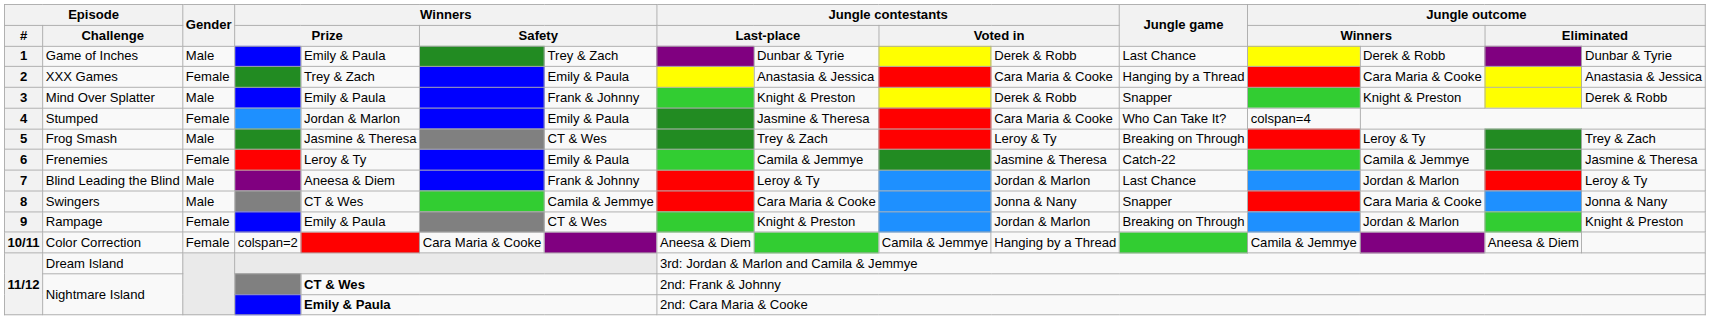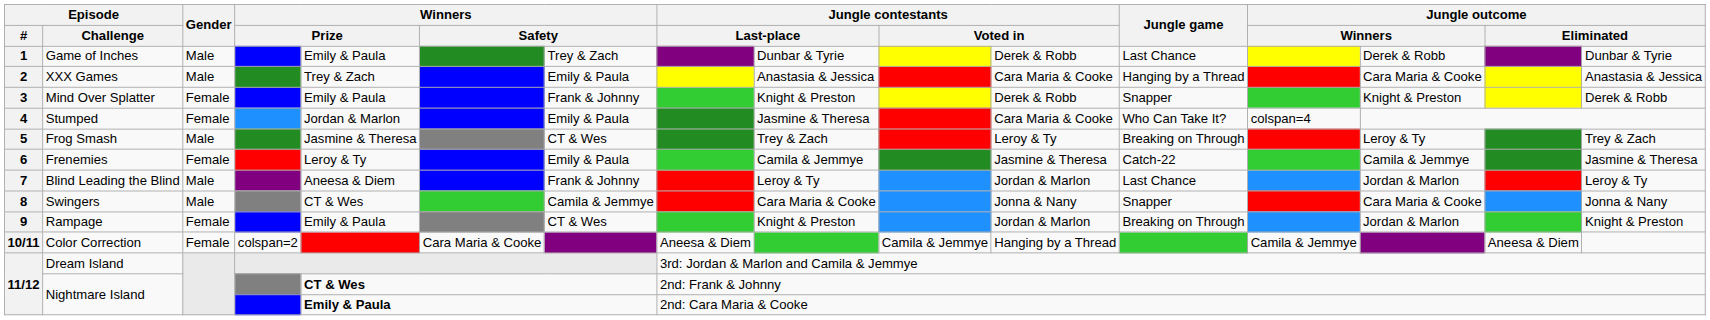 <table class="wikitable" style="font-size:90%; white-space:nowrap">
 <tr>
 <th colspan=2>Episode</th>
 <th rowspan=2>Gender</th>
 <th colspan=4>Winners</th>
 <th colspan=4>Jungle contestants</th>
 <th rowspan=2>Jungle game</th>
 <th colspan=4>Jungle outcome</th>
 </tr>
 <tr>
 <th>#</th>
 <th>Challenge</th>
 <th colspan=2>Prize</th>
 <th colspan=2>Safety</th>
 <th colspan=2>Last-place</th>
 <th colspan=2>Voted in</th>
 <th colspan=2>Winners</th>
 <th colspan=2>Eliminated</th>
 </tr>
 <tr>
 <th>1</th>
 <td>Game of Inches</td>
 <td>Male</td>
 <td bgcolor="blue"></td>
 <td nowrap>Emily & Paula</td>
 <td bgcolor="forestgreen"></td>
 <td>Trey & Zach</td>
 <td bgcolor="purple"></td>
 <td>Dunbar & Tyrie</td>
 <td bgcolor="yellow"></td>
 <td>Derek & Robb</td>
 <td>Last Chance</td>
 <td bgcolor="yellow"></td>
 <td>Derek & Robb</td>
 <td bgcolor="purple"></td>
 <td>Dunbar & Tyrie</td>
 </tr>
 <tr>
 <th>2</th>
 <td>XXX Games</td>
-<td>Female</td>
+<td>Male</td>
 <td bgcolor="forestgreen"></td>
 <td>Trey & Zach</td>
 <td bgcolor="blue"></td>
 <td>Emily & Paula</td>
 <td bgcolor="yellow"></td>
 <td nowrap>Anastasia & Jessica</td>
 <td bgcolor="red"></td>
 <td nowrap>Cara Maria & Cooke</td>
 <td nowrap>Hanging by a Thread</td>
 <td bgcolor="red"></td>
 <td nowrap>Cara Maria & Cooke</td>
 <td bgcolor="yellow"></td>
 <td nowrap>Anastasia & Jessica</td>
 </tr>
 <tr>
 <th>3</th>
 <td nowrap>Mind Over Splatter</td>
-<td>Male</td>
+<td>Female</td>
 <td bgcolor="blue"></td>
 <td>Emily & Paula</td>
 <td bgcolor="blue"></td>
 <td nowrap>Frank & Johnny</td>
 <td bgcolor="limegreen"></td>
 <td>Knight & Preston</td>
 <td bgcolor="yellow"></td>
 <td>Derek & Robb</td>
 <td>Snapper</td>
 <td bgcolor="limegreen"></td>
 <td>Knight & Preston</td>
 <td bgcolor="yellow"></td>
 <td>Derek & Robb</td>
 </tr>
 <tr>
 <th>4</th>
 <td>Stumped</td>
 <td>Female</td>
 <td bgcolor="dodgerblue"></td>
 <td nowrap>Jordan & Marlon</td>
 <td bgcolor="blue"></td>
 <td>Emily & Paula</td>
 <td bgcolor="forestgreen"></td>
 <td>Jasmine & Theresa</td>
 <td bgcolor="red"></td>
 <td>Cara Maria & Cooke</td>
 <td>Who Can Take It?</td>
 <td>colspan=4 </td>
 </tr>
 <tr>
 <th>5</th>
 <td>Frog Smash</td>
 <td>Male</td>
 <td bgcolor="forestgreen"></td>
 <td nowrap>Jasmine & Theresa</td>
 <td bgcolor="grey"></td>
 <td>CT & Wes</td>
 <td bgcolor="forestgreen"></td>
 <td>Trey & Zach</td>
 <td bgcolor="red"></td>
 <td>Leroy & Ty</td>
 <td nowrap>Breaking on Through</td>
 <td bgcolor="red"></td>
 <td>Leroy & Ty</td>
 <td bgcolor="forestgreen"></td>
 <td>Trey & Zach</td>
 </tr>
 <tr>
 <th>6</th>
 <td>Frenemies</td>
 <td>Female</td>
 <td bgcolor="red"></td>
 <td>Leroy & Ty</td>
 <td bgcolor="blue"></td>
 <td>Emily & Paula</td>
 <td bgcolor="limegreen"></td>
 <td>Camila & Jemmye</td>
 <td bgcolor="forestgreen"></td>
 <td>Jasmine & Theresa</td>
 <td>Catch-22</td>
 <td bgcolor="limegreen"></td>
 <td>Camila & Jemmye</td>
 <td bgcolor="forestgreen"></td>
 <td>Jasmine & Theresa</td>
 </tr>
 <tr>
 <th>7</th>
 <td nowrap>Blind Leading the Blind</td>
 <td>Male</td>
 <td bgcolor="purple"></td>
 <td>Aneesa & Diem</td>
 <td bgcolor="blue"></td>
 <td>Frank & Johnny</td>
 <td bgcolor="red"></td>
 <td>Leroy & Ty</td>
 <td bgcolor="dodgerblue"></td>
 <td>Jordan & Marlon</td>
 <td>Last Chance</td>
 <td bgcolor="dodgerblue"></td>
 <td>Jordan & Marlon</td>
 <td bgcolor="red"></td>
 <td>Leroy & Ty</td>
 </tr>
 <tr>
 <th>8</th>
 <td>Swingers</td>
 <td>Male</td>
 <td bgcolor="grey"></td>
 <td>CT & Wes</td>
 <td bgcolor="limegreen"></td>
 <td nowrap>Camila & Jemmye</td>
 <td bgcolor="red"></td>
 <td nowrap>Cara Maria & Cooke</td>
 <td bgcolor="dodgerblue"></td>
 <td>Jonna & Nany</td>
 <td>Snapper</td>
 <td bgcolor="red"></td>
 <td nowrap>Cara Maria & Cooke</td>
 <td bgcolor="dodgerblue"></td>
 <td>Jonna & Nany</td>
 </tr>
 <tr>
 <th>9</th>
 <td>Rampage</td>
 <td>Female</td>
 <td bgcolor="blue"></td>
 <td>Emily & Paula</td>
 <td bgcolor="grey"></td>
 <td>CT & Wes</td>
 <td bgcolor="limegreen"></td>
 <td>Knight & Preston</td>
 <td bgcolor="dodgerblue"></td>
 <td>Jordan & Marlon</td>
 <td>Breaking on Through</td>
 <td bgcolor="dodgerblue"></td>
 <td>Jordan & Marlon</td>
 <td bgcolor="limegreen"></td>
 <td>Knight & Preston</td>
 </tr>
 <tr>
 <th>10/11</th>
 <td>Color Correction</td>
 <td>Female</td>
 <td>colspan=2 </td>
 <td bgcolor="red"></td>
 <td nowrap>Cara Maria & Cooke</td>
 <td bgcolor="purple"></td>
 <td>Aneesa & Diem</td>
 <td bgcolor="limegreen"></td>
 <td>Camila & Jemmye</td>
 <td nowrap>Hanging by a Thread</td>
 <td bgcolor="limegreen"></td>
 <td>Camila & Jemmye</td>
 <td bgcolor="purple"></td>
 <td>Aneesa & Diem</td>
 </tr>
 <tr>
 <th rowspan=3>11/12</th>
 <td>Dream Island</td>
 <td rowspan=3 bgcolor="eaeaea"></td>
 <td colspan=4 bgcolor="eaeaea"></td>
 <td colspan="13">3rd: Jordan & Marlon and Camila & Jemmye</td>
 </tr>
 <tr>
 <td nowrap rowspan=2>Nightmare Island</td>
 <td bgcolor="grey"></td>
 <td colspan=3><strong>CT & Wes</strong></td>
 <td colspan="13">2nd: Frank & Johnny</td>
 </tr>
 <tr>
 <td bgcolor="blue"></td>
 <td colspan=3><strong>Emily & Paula</strong></td>
 <td colspan=13>2nd: Cara Maria & Cooke</td>
 </tr>
 </table>
